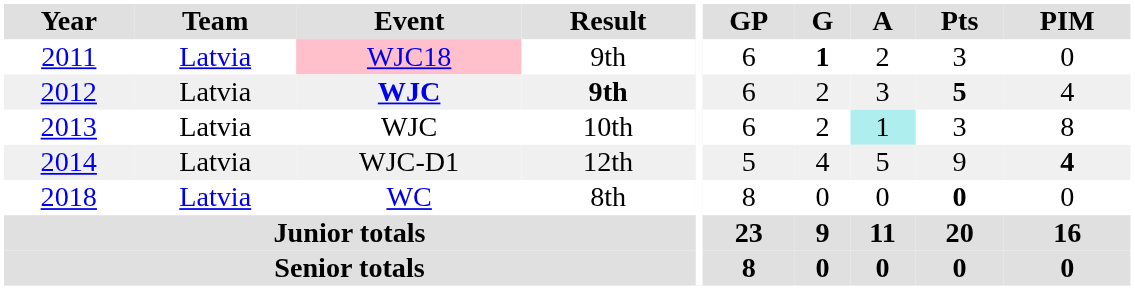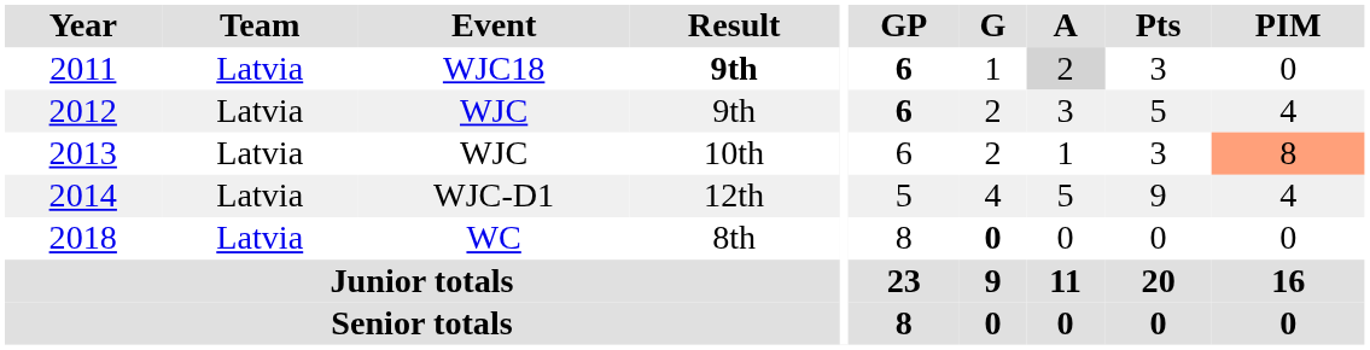 <table border="0" cellpadding="1" cellspacing="0" ID="Table3" style="text-align:center; width:40em">
 <tr ALIGN="center" bgcolor="#e0e0e0">
 <th>Year</th>
 <th>Team</th>
 <th>Event</th>
 <th>Result</th>
 <th rowspan="99" bgcolor="#ffffff"></th>
 <th>GP</th>
 <th>G</th>
 <th>A</th>
 <th>Pts</th>
 <th>PIM</th>
 </tr>
 <tr ALIGN="center">
 <td><a href='#'>2011</a></td>
 <td><a href='#'>Latvia</a></td>
-<td style="background: pink;"><a href='#'>WJC18</a></td>
-<td>9th</td>
-<td>6</td>
-<td><strong>1</strong></td>
-<td>2</td>
+<td><a href='#'>WJC18</a></td>
+<td><strong>9th</strong></td>
+<td><strong>6</strong></td>
+<td>1</td>
+<td style="background: lightgrey;">2</td>
 <td>3</td>
 <td>0</td>
 </tr>
 <tr ALIGN="center" bgcolor="#f0f0f0">
 <td><a href='#'>2012</a></td>
 <td>Latvia</td>
-<td><strong><a href='#'>WJC</a></strong></td>
-<td><strong>9th</strong></td>
-<td>6</td>
+<td><a href='#'>WJC</a></td>
+<td>9th</td>
+<td><strong>6</strong></td>
 <td>2</td>
 <td>3</td>
-<td><strong>5</strong></td>
+<td>5</td>
 <td>4</td>
 </tr>
 <tr ALIGN="center">
 <td><a href='#'>2013</a></td>
 <td>Latvia</td>
 <td>WJC</td>
 <td>10th</td>
 <td>6</td>
 <td>2</td>
-<td style="background: paleturquoise;">1</td>
+<td>1</td>
 <td>3</td>
-<td>8</td>
+<td style="background: lightsalmon;">8</td>
 </tr>
 <tr ALIGN="center" bgcolor="#f0f0f0">
 <td><a href='#'>2014</a></td>
 <td>Latvia</td>
 <td>WJC-D1</td>
 <td>12th</td>
 <td>5</td>
 <td>4</td>
 <td>5</td>
 <td>9</td>
-<td><strong>4</strong></td>
+<td>4</td>
 </tr>
 <tr ALIGN="center" bgcolor="#ffffff">
 <td><a href='#'>2018</a></td>
 <td><a href='#'>Latvia</a></td>
 <td><a href='#'>WC</a></td>
 <td>8th</td>
 <td>8</td>
+<td><strong>0</strong></td>
 <td>0</td>
 <td>0</td>
-<td><strong>0</strong></td>
 <td>0</td>
 </tr>
 <tr ALIGN="center" bgcolor="#e0e0e0">
 <th colspan="4">Junior totals</th>
 <th ALIGN="center">23</th>
 <th ALIGN="center">9</th>
 <th ALIGN="center">11</th>
 <th ALIGN="center">20</th>
 <th ALIGN="center">16</th>
 </tr>
 <tr ALIGN="center" bgcolor="#e0e0e0">
 <th colspan="4">Senior totals</th>
 <th ALIGN="center">8</th>
 <th ALIGN="center">0</th>
 <th ALIGN="center">0</th>
 <th ALIGN="center">0</th>
 <th ALIGN="center">0</th>
 </tr>
 </table>
